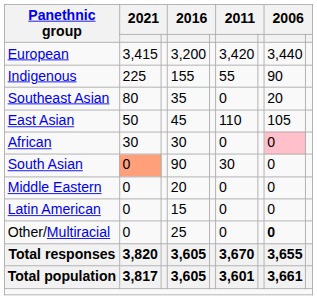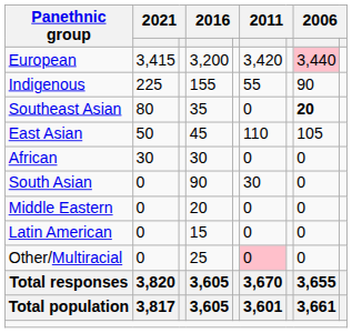 <table class="wikitable collapsible sortable">
 <tr>
 <th rowspan="2"><a href='#'>Panethnic</a><br>group</th>
 <th colspan="2">2021</th>
 <th colspan="2">2016</th>
 <th colspan="2">2011</th>
 <th colspan="2">2006</th>
 </tr>
 <tr>
 <th><a href='#'></a></th>
 <th></th>
 <th></th>
 <th></th>
 <th></th>
 <th></th>
 <th></th>
 <th></th>
 </tr>
 <tr>
 <td><a href='#'>European</a></td>
 <td>3,415</td>
 <td></td>
 <td>3,200</td>
 <td></td>
 <td>3,420</td>
 <td></td>
-<td>3,440</td>
+<td style="background: pink;">3,440</td>
 <td></td>
 </tr>
 <tr>
 <td><a href='#'>Indigenous</a></td>
 <td>225</td>
 <td></td>
 <td>155</td>
 <td></td>
 <td>55</td>
 <td></td>
 <td>90</td>
 <td></td>
 </tr>
 <tr>
 <td><a href='#'>Southeast Asian</a></td>
 <td>80</td>
 <td></td>
 <td>35</td>
 <td></td>
 <td>0</td>
 <td></td>
-<td>20</td>
+<td><strong>20</strong></td>
 <td></td>
 </tr>
 <tr>
 <td><a href='#'>East Asian</a></td>
 <td>50</td>
 <td></td>
 <td>45</td>
 <td></td>
 <td>110</td>
 <td></td>
 <td>105</td>
 <td></td>
 </tr>
 <tr>
 <td><a href='#'>African</a></td>
 <td>30</td>
 <td></td>
 <td>30</td>
 <td></td>
 <td>0</td>
 <td></td>
-<td style="background: pink;">0</td>
+<td>0</td>
 <td></td>
 </tr>
 <tr>
 <td><a href='#'>South Asian</a></td>
-<td style="background: lightsalmon;">0</td>
+<td>0</td>
 <td></td>
 <td>90</td>
 <td></td>
 <td>30</td>
 <td></td>
 <td>0</td>
 <td></td>
 </tr>
 <tr>
 <td><a href='#'>Middle Eastern</a></td>
 <td>0</td>
 <td></td>
 <td>20</td>
 <td></td>
 <td>0</td>
 <td></td>
 <td>0</td>
 <td></td>
 </tr>
 <tr>
 <td><a href='#'>Latin American</a></td>
 <td>0</td>
 <td></td>
 <td>15</td>
 <td></td>
 <td>0</td>
 <td></td>
 <td>0</td>
 <td></td>
 </tr>
 <tr>
 <td>Other/<a href='#'>Multiracial</a></td>
 <td>0</td>
 <td></td>
 <td>25</td>
 <td></td>
+<td style="background: pink;">0</td>
+<td></td>
 <td>0</td>
-<td></td>
-<td><strong>0</strong></td>
 <td></td>
 </tr>
 <tr>
 <th>Total responses</th>
 <th>3,820</th>
 <th></th>
 <th>3,605</th>
 <th></th>
 <th>3,670</th>
 <th></th>
 <th>3,655</th>
 <th></th>
 </tr>
 <tr>
 <th>Total population</th>
 <th>3,817</th>
 <th></th>
 <th>3,605</th>
 <th></th>
 <th>3,601</th>
 <th></th>
 <th>3,661</th>
 <th></th>
 </tr>
 <tr class="sortbottom">
 <td colspan="15"></td>
 </tr>
 </table>
